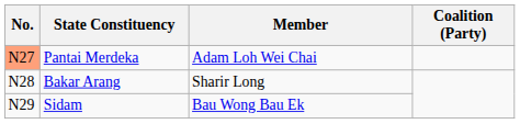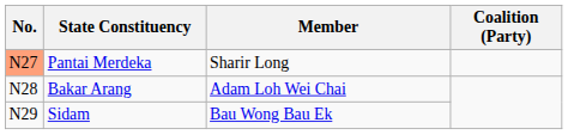 <table class="wikitable">
 <tr>
 <th width="30">No.</th>
 <th width="150">State Constituency</th>
 <th width="230">Member</th>
 <th width="100">Coalition (Party)</th>
 </tr>
 <tr>
 <td style="background: lightsalmon;">N27</td>
 <td><a href='#'>Pantai Merdeka</a></td>
-<td><a href='#'>Adam Loh Wei Chai</a></td>
+<td>Sharir Long</td>
 <td></td>
 </tr>
 <tr>
 <td>N28</td>
 <td><a href='#'>Bakar Arang</a></td>
-<td>Sharir Long</td>
+<td><a href='#'>Adam Loh Wei Chai</a></td>
 <td rowspan="2"></td>
 </tr>
 <tr>
 <td>N29</td>
 <td><a href='#'>Sidam</a></td>
 <td><a href='#'>Bau Wong Bau Ek</a></td>
 </tr>
 </table>
